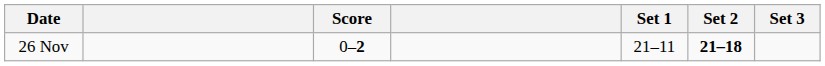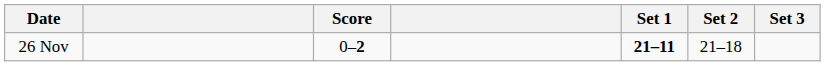 <table class="wikitable" style="text-align: center; font-size:90% ">
 <tr>
 <th width="60">Date</th>
 <th style="text-align:right; width:190px;"></th>
 <th width="60">Score</th>
 <th style="text-align:left; width:190px;"></th>
 <th width="50">Set 1</th>
 <th width="50">Set 2</th>
 <th width="50">Set 3</th>
 </tr>
 <tr>
 <td>26 Nov</td>
 <td align=right></td>
 <td align=center>0–<strong>2</strong></td>
 <td style="text-align:left"><strong></strong></td>
-<td>21–11</td>
-<td><strong>21–18</strong></td>
+<td><strong>21–11</strong></td>
+<td>21–18</td>
 </tr>
 </table>
